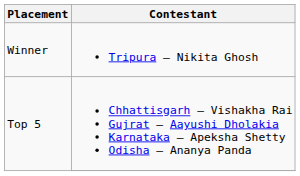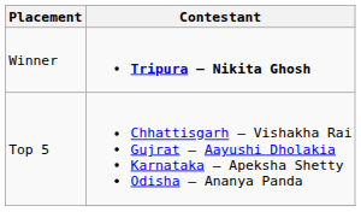 <table class="wikitable">
 <tr>
 <th>Placement</th>
 <th>Contestant</th>
 </tr>
 <tr>
 <td>Winner</td>
-<td><br><ul><li><a href='#'>Tripura</a> – Nikita Ghosh</li></ul></td>
+<td><strong><br><ul><li><a href='#'>Tripura</a> – Nikita Ghosh</li></ul></strong></td>
 </tr>
 <tr>
 <td rowspan=5>Top 5</td>
 <td><br><ul><li><a href='#'>Chhattisgarh</a> – Vishakha Rai</li><li><a href='#'>Gujrat</a> – <a href='#'>Aayushi Dholakia</a></li><li><a href='#'>Karnataka</a> – Apeksha Shetty</li><li><a href='#'>Odisha</a> – Ananya Panda</li></ul></td>
 </tr>
 <tr>
 </tr>
 </table>
